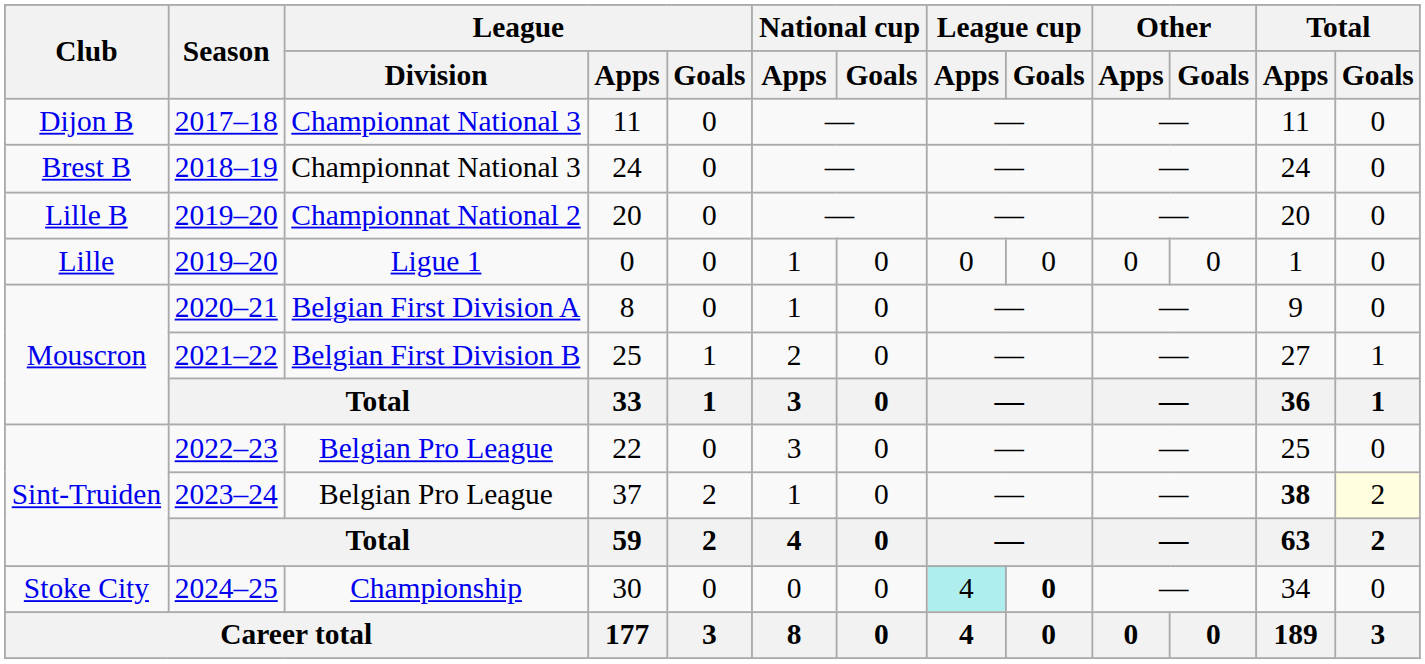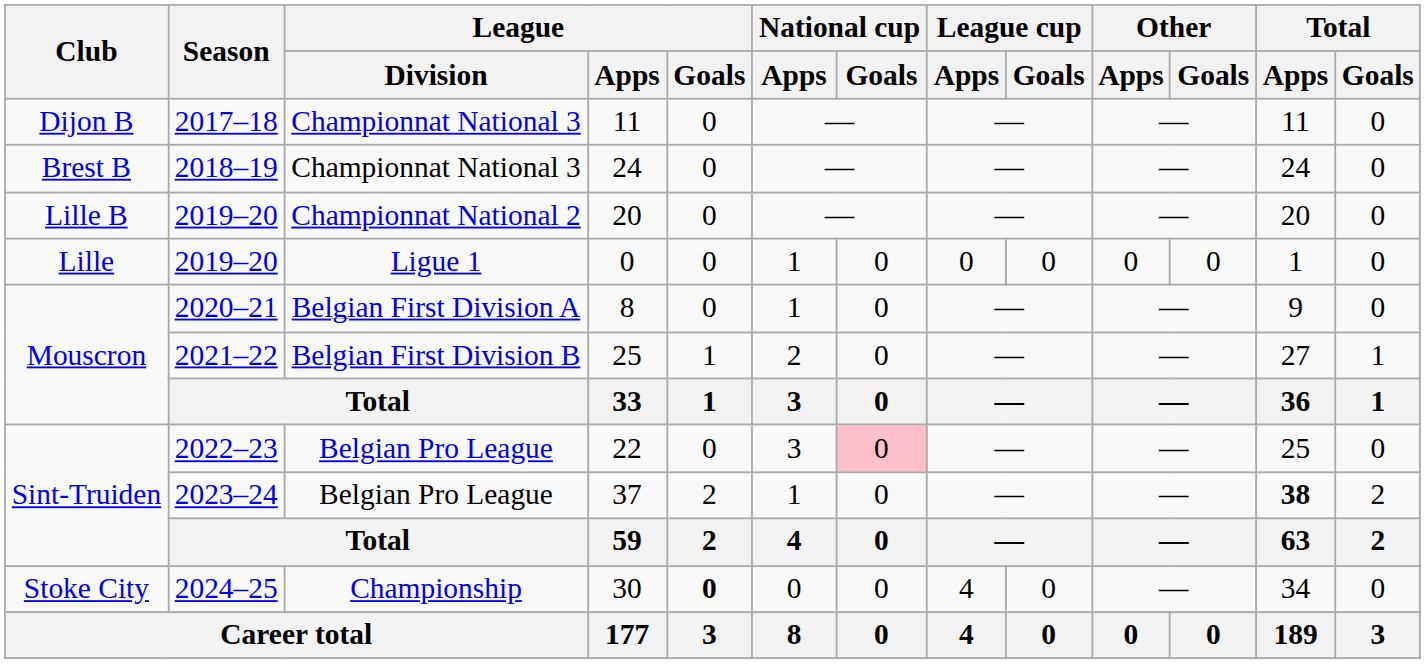 <table class="wikitable" style="text-align: center">
 <tr>
 <th rowspan="2">Club</th>
 <th rowspan="2">Season</th>
 <th colspan="3">League</th>
 <th colspan="2">National cup</th>
 <th colspan="2">League cup</th>
 <th colspan="2">Other</th>
 <th colspan="2">Total</th>
 </tr>
 <tr>
 <th>Division</th>
 <th>Apps</th>
 <th>Goals</th>
 <th>Apps</th>
 <th>Goals</th>
 <th>Apps</th>
 <th>Goals</th>
 <th>Apps</th>
 <th>Goals</th>
 <th>Apps</th>
 <th>Goals</th>
 </tr>
 <tr>
 <td><a href='#'>Dijon B</a></td>
 <td><a href='#'>2017–18</a></td>
 <td><a href='#'>Championnat National 3</a></td>
 <td>11</td>
 <td>0</td>
 <td colspan="2">—</td>
 <td colspan="2">—</td>
 <td colspan="2">—</td>
 <td>11</td>
 <td>0</td>
 </tr>
 <tr>
 <td><a href='#'>Brest B</a></td>
 <td><a href='#'>2018–19</a></td>
 <td>Championnat National 3</td>
 <td>24</td>
 <td>0</td>
 <td colspan="2">—</td>
 <td colspan="2">—</td>
 <td colspan="2">—</td>
 <td>24</td>
 <td>0</td>
 </tr>
 <tr>
 <td><a href='#'>Lille B</a></td>
 <td><a href='#'>2019–20</a></td>
 <td><a href='#'>Championnat National 2</a></td>
 <td>20</td>
 <td>0</td>
 <td colspan="2">—</td>
 <td colspan="2">—</td>
 <td colspan="2">—</td>
 <td>20</td>
 <td>0</td>
 </tr>
 <tr>
 <td><a href='#'>Lille</a></td>
 <td><a href='#'>2019–20</a></td>
 <td><a href='#'>Ligue 1</a></td>
 <td>0</td>
 <td>0</td>
 <td>1</td>
 <td>0</td>
 <td>0</td>
 <td>0</td>
 <td>0</td>
 <td>0</td>
 <td>1</td>
 <td>0</td>
 </tr>
 <tr>
 <td rowspan="3"><a href='#'>Mouscron</a></td>
 <td><a href='#'>2020–21</a></td>
 <td><a href='#'>Belgian First Division A</a></td>
 <td>8</td>
 <td>0</td>
 <td>1</td>
 <td>0</td>
 <td colspan="2">—</td>
 <td colspan="2">—</td>
 <td>9</td>
 <td>0</td>
 </tr>
 <tr>
 <td><a href='#'>2021–22</a></td>
 <td><a href='#'>Belgian First Division B</a></td>
 <td>25</td>
 <td>1</td>
 <td>2</td>
 <td>0</td>
 <td colspan="2">—</td>
 <td colspan="2">—</td>
 <td>27</td>
 <td>1</td>
 </tr>
 <tr>
 <th colspan="2">Total</th>
 <th>33</th>
 <th>1</th>
 <th>3</th>
 <th>0</th>
 <th colspan="2">—</th>
 <th colspan="2">—</th>
 <th>36</th>
 <th>1</th>
 </tr>
 <tr>
 <td rowspan="3"><a href='#'>Sint-Truiden</a></td>
 <td><a href='#'>2022–23</a></td>
 <td><a href='#'>Belgian Pro League</a></td>
 <td>22</td>
 <td>0</td>
 <td>3</td>
-<td>0</td>
+<td style="background: pink;">0</td>
 <td colspan="2">—</td>
 <td colspan="2">—</td>
 <td>25</td>
 <td>0</td>
 </tr>
 <tr>
 <td><a href='#'>2023–24</a></td>
 <td>Belgian Pro League</td>
 <td>37</td>
 <td>2</td>
 <td>1</td>
 <td>0</td>
 <td colspan="2">—</td>
 <td colspan="2">—</td>
 <td><strong>38</strong></td>
-<td style="background: lightyellow;">2</td>
+<td>2</td>
 </tr>
 <tr>
 <th colspan="2">Total</th>
 <th>59</th>
 <th>2</th>
 <th>4</th>
 <th>0</th>
 <th colspan="2">—</th>
 <th colspan="2">—</th>
 <th>63</th>
 <th>2</th>
 </tr>
 <tr>
 <td><a href='#'>Stoke City</a></td>
 <td><a href='#'>2024–25</a></td>
 <td><a href='#'>Championship</a></td>
 <td>30</td>
+<td><strong>0</strong></td>
 <td>0</td>
 <td>0</td>
+<td>4</td>
 <td>0</td>
-<td style="background: paleturquoise;">4</td>
-<td><strong>0</strong></td>
 <td colspan="2">—</td>
 <td>34</td>
 <td>0</td>
 </tr>
 <tr>
 <th colspan="3">Career total</th>
 <th>177</th>
 <th>3</th>
 <th>8</th>
 <th>0</th>
 <th>4</th>
 <th>0</th>
 <th>0</th>
 <th>0</th>
 <th>189</th>
 <th>3</th>
 </tr>
 </table>
